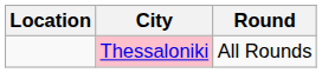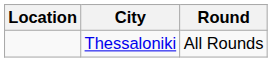 <table class="wikitable sortable">
 <tr>
 <th>Location</th>
 <th>City</th>
 <th>Round</th>
 </tr>
 <tr>
 <td></td>
-<td style="background: pink;"><a href='#'>Thessaloniki</a></td>
+<td><a href='#'>Thessaloniki</a></td>
 <td>All Rounds</td>
 </tr>
 </table>
